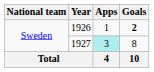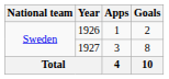 <table class="wikitable" style="text-align:center">
 <tr>
 <th>National team</th>
 <th>Year</th>
 <th>Apps</th>
 <th>Goals</th>
 </tr>
 <tr>
 <td rowspan="2"><a href='#'>Sweden</a></td>
 <td>1926</td>
 <td>1</td>
-<td><strong>2</strong></td>
+<td>2</td>
 </tr>
 <tr>
 <td>1927</td>
-<td style="background: paleturquoise;">3</td>
+<td>3</td>
 <td>8</td>
 </tr>
 <tr>
 <th colspan="2">Total</th>
 <th>4</th>
 <th>10</th>
 </tr>
 </table>
